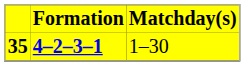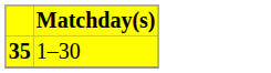 <table class="toccolours" border="0" cellpadding="2" cellspacing="0" align="center" style="margin: 0.5em 0 1em 1em; background: #000000; border: 1px #aaaaaa solid;">
 <tr bgcolor=#FFFF00>
 <th></th>
-<th>Formation</th>
 <th>Matchday(s)</th>
 </tr>
 <tr bgcolor=#FFFF00>
 <td><strong>35</strong></td>
-<td><a href='#'><span><strong>4–2–3–1</strong></span></a></td>
 <td>1–30</td>
 </tr>
 </table>
